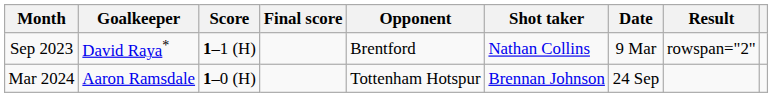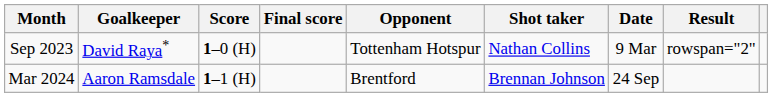 <table class="wikitable" style="text-align:center; font-size:90%;">
 <tr>
 <th>Month</th>
 <th>Goalkeeper</th>
 <th>Score</th>
 <th>Final score</th>
 <th>Opponent</th>
 <th>Shot taker</th>
 <th>Date</th>
 <th>Result</th>
 <th></th>
 </tr>
 <tr>
 <td>Sep 2023</td>
 <td style="text-align:left;"> <a href='#'>David Raya</a><sup>*</sup></td>
-<td><strong>1</strong>–1 (H)</td>
+<td><strong>1</strong>–0 (H)</td>
 <td></td>
-<td style="text-align:left;">Brentford</td>
+<td style="text-align:left;">Tottenham Hotspur</td>
 <td style="text-align:left;"><a href='#'>Nathan Collins</a></td>
 <td>9 Mar</td>
 <td>rowspan="2" </td>
 <td></td>
 </tr>
 <tr>
 <td>Mar 2024</td>
 <td style="text-align:left;"> <a href='#'>Aaron Ramsdale</a></td>
-<td><strong>1</strong>–0 (H)</td>
+<td><strong>1</strong>–1 (H)</td>
 <td></td>
-<td style="text-align:left;">Tottenham Hotspur</td>
+<td style="text-align:left;">Brentford</td>
 <td style="text-align:left;"><a href='#'>Brennan Johnson</a></td>
 <td>24 Sep</td>
 <td></td>
 </tr>
 </table>
